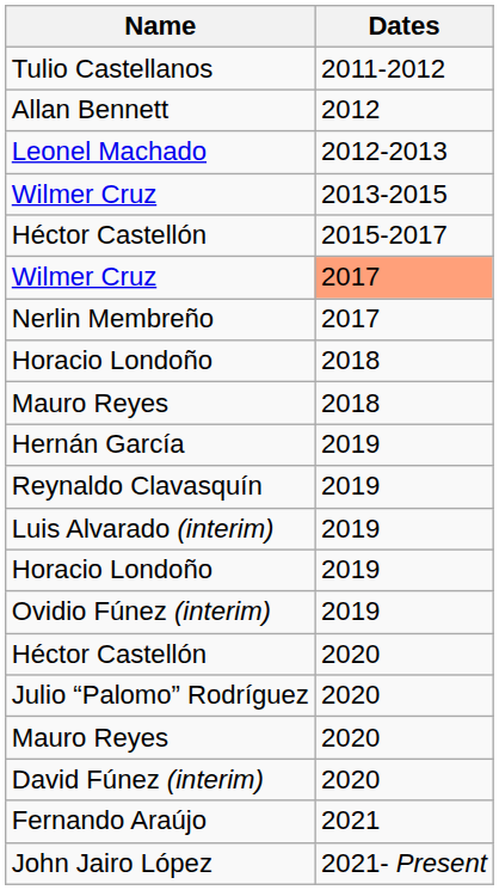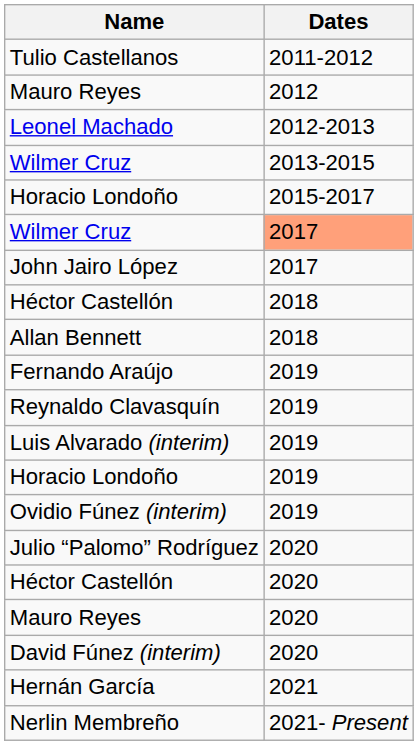 <table class="wikitable">
 <tr>
 <th>Name</th>
 <th>Dates</th>
 </tr>
 <tr>
 <td align=left> Tulio Castellanos</td>
 <td>2011-2012</td>
 </tr>
 <tr>
-<td align=left> Allan Bennett</td>
+<td align=left> Mauro Reyes</td>
 <td>2012</td>
 </tr>
 <tr>
 <td align=left> <a href='#'>Leonel Machado</a></td>
 <td>2012-2013</td>
 </tr>
 <tr>
 <td align=left> <a href='#'>Wilmer Cruz</a></td>
 <td>2013-2015</td>
 </tr>
 <tr>
-<td align=left> Héctor Castellón</td>
+<td align=left> Horacio Londoño</td>
 <td>2015-2017</td>
 </tr>
 <tr>
 <td align=left> <a href='#'>Wilmer Cruz</a></td>
 <td style="background: lightsalmon;">2017</td>
 </tr>
 <tr>
-<td align=left> Nerlin Membreño</td>
+<td align=left> John Jairo López</td>
 <td>2017</td>
 </tr>
 <tr>
-<td align=left> Horacio Londoño</td>
+<td align=left> Héctor Castellón</td>
 <td>2018</td>
 </tr>
 <tr>
-<td align=left> Mauro Reyes</td>
+<td align=left> Allan Bennett</td>
 <td>2018</td>
 </tr>
 <tr>
-<td align=left> Hernán García</td>
+<td align=left> Fernando Araújo</td>
 <td>2019</td>
 </tr>
 <tr>
 <td align=left> Reynaldo Clavasquín</td>
 <td>2019</td>
 </tr>
 <tr>
 <td align=left> Luis Alvarado <em>(interim)</em></td>
 <td>2019</td>
 </tr>
 <tr>
 <td align=left> Horacio Londoño</td>
 <td>2019</td>
 </tr>
 <tr>
 <td align=left> Ovidio Fúnez <em>(interim)</em></td>
 <td>2019</td>
 </tr>
 <tr>
-<td align=left> Héctor Castellón</td>
+<td align=left> Julio “Palomo” Rodríguez</td>
 <td>2020</td>
 </tr>
 <tr>
-<td align=left> Julio “Palomo” Rodríguez</td>
+<td align=left> Héctor Castellón</td>
 <td>2020</td>
 </tr>
 <tr>
 <td align=left> Mauro Reyes</td>
 <td>2020</td>
 </tr>
 <tr>
 <td align=left> David Fúnez <em>(interim)</em></td>
 <td>2020</td>
 </tr>
 <tr>
-<td align=left> Fernando Araújo</td>
+<td align=left> Hernán García</td>
 <td>2021</td>
 </tr>
 <tr>
-<td align=left> John Jairo López</td>
+<td align=left> Nerlin Membreño</td>
 <td>2021- <em>Present</em></td>
 </tr>
 </table>
